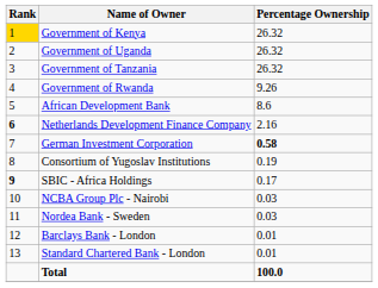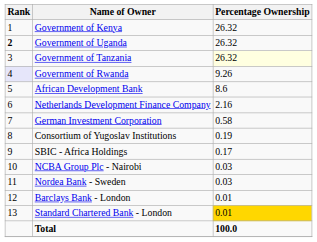 <table class="wikitable sortable" style="margin-left:auto;margin-right:auto">
 <tr>
 <th style="width:2em;">Rank</th>
 <th>Name of Owner</th>
 <th>Percentage Ownership</th>
 </tr>
 <tr>
-<td style="background: gold;">1</td>
+<td>1</td>
 <td><a href='#'>Government of Kenya</a></td>
 <td>26.32</td>
 </tr>
 <tr>
-<td>2</td>
+<td><strong>2</strong></td>
 <td><a href='#'>Government of Uganda</a></td>
 <td>26.32</td>
 </tr>
 <tr>
 <td>3</td>
 <td><a href='#'>Government of Tanzania</a></td>
-<td>26.32</td>
+<td style="background: lightyellow;">26.32</td>
 </tr>
 <tr>
-<td>4</td>
+<td style="background: lavender;">4</td>
 <td><a href='#'>Government of Rwanda</a></td>
 <td>9.26</td>
 </tr>
 <tr>
 <td>5</td>
 <td><a href='#'>African Development Bank</a></td>
 <td>8.6</td>
 </tr>
 <tr>
-<td><strong>6</strong></td>
+<td>6</td>
 <td><a href='#'>Netherlands Development Finance Company</a></td>
 <td>2.16</td>
 </tr>
 <tr>
 <td>7</td>
 <td><a href='#'>German Investment Corporation</a></td>
-<td><strong>0.58</strong></td>
+<td>0.58</td>
 </tr>
 <tr>
 <td>8</td>
 <td>Consortium of Yugoslav Institutions</td>
 <td>0.19</td>
 </tr>
 <tr>
-<td><strong>9</strong></td>
+<td>9</td>
 <td>SBIC - Africa Holdings</td>
 <td>0.17</td>
 </tr>
 <tr>
 <td>10</td>
 <td><a href='#'>NCBA Group Plc</a> - Nairobi</td>
 <td>0.03</td>
 </tr>
 <tr>
 <td>11</td>
 <td><a href='#'>Nordea Bank</a> - Sweden</td>
 <td>0.03</td>
 </tr>
 <tr>
 <td>12</td>
 <td><a href='#'>Barclays Bank</a> - London</td>
 <td>0.01</td>
 </tr>
 <tr>
 <td>13</td>
 <td><a href='#'>Standard Chartered Bank</a> - London</td>
-<td>0.01</td>
+<td style="background: gold;">0.01</td>
 </tr>
 <tr>
 <td></td>
 <td><strong>Total</strong></td>
 <td><strong>100.0</strong></td>
 </tr>
 <tr>
 </tr>
 </table>
